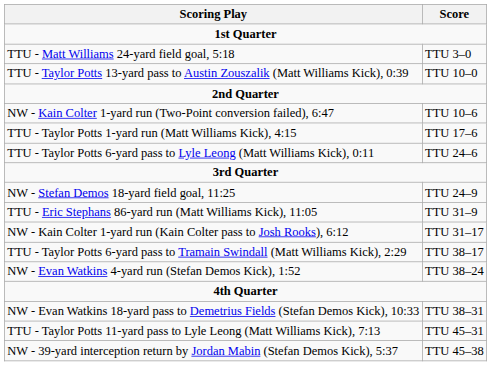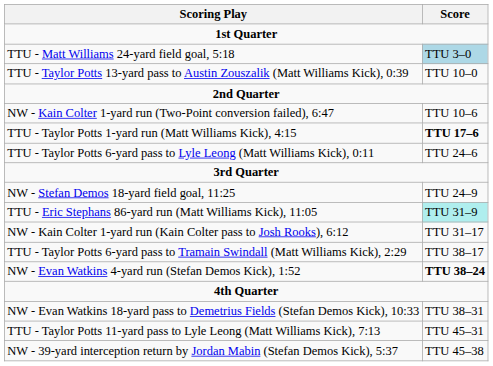 <table class="wikitable">
 <tr>
 <th>Scoring Play</th>
 <th>Score</th>
 </tr>
 <tr>
 <td colspan="4" align="center"><strong>1st Quarter</strong></td>
 </tr>
 <tr>
 <td>TTU - <a href='#'>Matt Williams</a> 24-yard field goal, 5:18</td>
-<td>TTU 3–0</td>
+<td style="background: lightblue;">TTU 3–0</td>
 </tr>
 <tr>
 <td>TTU - <a href='#'>Taylor Potts</a> 13-yard pass to <a href='#'>Austin Zouszalik</a> (Matt Williams Kick), 0:39</td>
 <td>TTU 10–0</td>
 </tr>
 <tr>
 <td colspan="4" align="center"><strong>2nd Quarter</strong></td>
 </tr>
 <tr>
 <td>NW - <a href='#'>Kain Colter</a> 1-yard run (Two-Point conversion failed), 6:47</td>
 <td>TTU 10–6</td>
 </tr>
 <tr>
 <td>TTU - Taylor Potts 1-yard run (Matt Williams Kick), 4:15</td>
-<td>TTU 17–6</td>
+<td><strong>TTU 17–6</strong></td>
 </tr>
 <tr>
 <td>TTU - Taylor Potts 6-yard pass to <a href='#'>Lyle Leong</a> (Matt Williams Kick), 0:11</td>
 <td>TTU 24–6</td>
 </tr>
 <tr>
 <td colspan="4" align="center"><strong>3rd Quarter</strong></td>
 </tr>
 <tr>
 <td>NW - <a href='#'>Stefan Demos</a> 18-yard field goal, 11:25</td>
 <td>TTU 24–9</td>
 </tr>
 <tr>
 <td>TTU - <a href='#'>Eric Stephans</a> 86-yard run (Matt Williams Kick), 11:05</td>
-<td>TTU 31–9</td>
+<td style="background: paleturquoise;">TTU 31–9</td>
 </tr>
 <tr>
 <td>NW - Kain Colter 1-yard run (Kain Colter pass to <a href='#'>Josh Rooks</a>), 6:12</td>
 <td>TTU 31–17</td>
 </tr>
 <tr>
 <td>TTU - Taylor Potts 6-yard pass to <a href='#'>Tramain Swindall</a> (Matt Williams Kick), 2:29</td>
 <td>TTU 38–17</td>
 </tr>
 <tr>
 <td>NW - <a href='#'>Evan Watkins</a> 4-yard run (Stefan Demos Kick), 1:52</td>
-<td>TTU 38–24</td>
+<td><strong>TTU 38–24</strong></td>
 </tr>
 <tr>
 <td colspan="4" align="center"><strong>4th Quarter</strong></td>
 </tr>
 <tr>
 <td>NW - Evan Watkins 18-yard pass to <a href='#'>Demetrius Fields</a> (Stefan Demos Kick), 10:33</td>
 <td>TTU 38–31</td>
 </tr>
 <tr>
 <td>TTU - Taylor Potts 11-yard pass to Lyle Leong (Matt Williams Kick), 7:13</td>
 <td>TTU 45–31</td>
 </tr>
 <tr>
 <td>NW - 39-yard interception return by <a href='#'>Jordan Mabin</a> (Stefan Demos Kick), 5:37</td>
 <td>TTU 45–38</td>
 </tr>
 </table>
